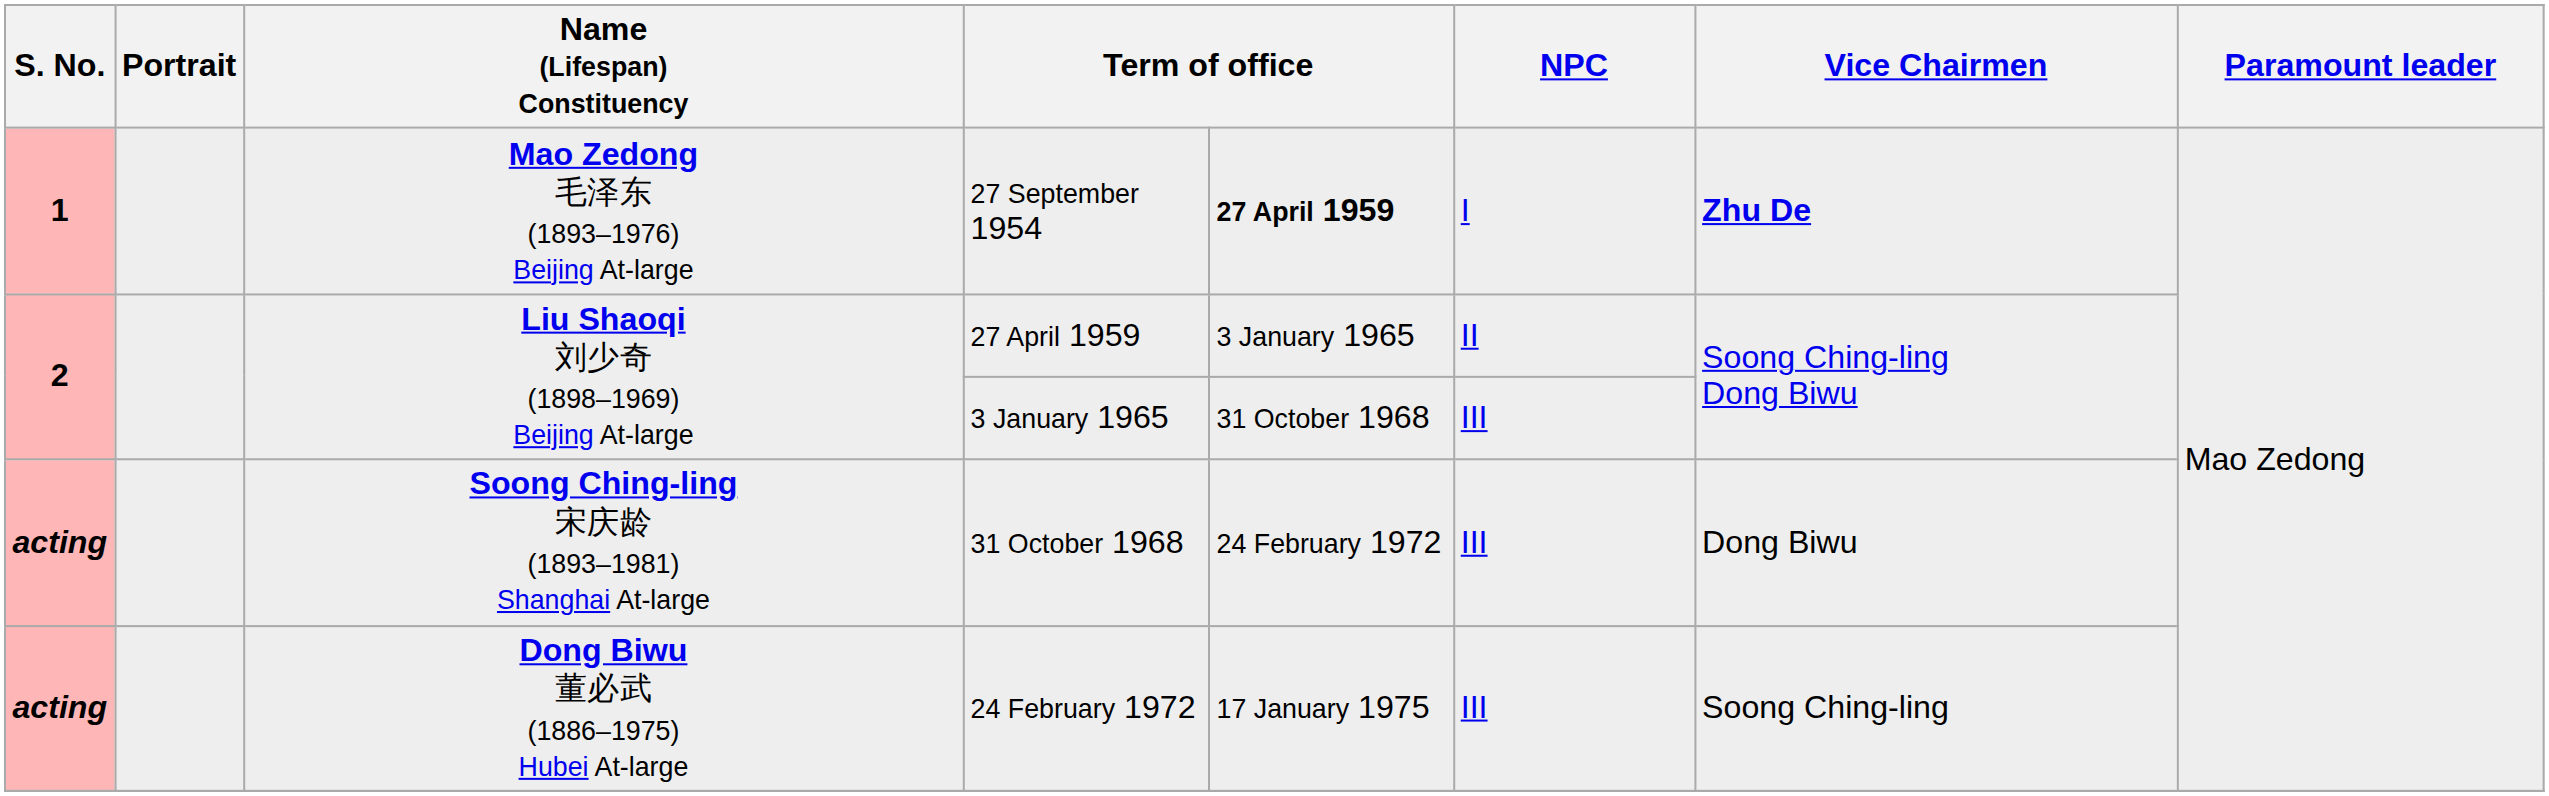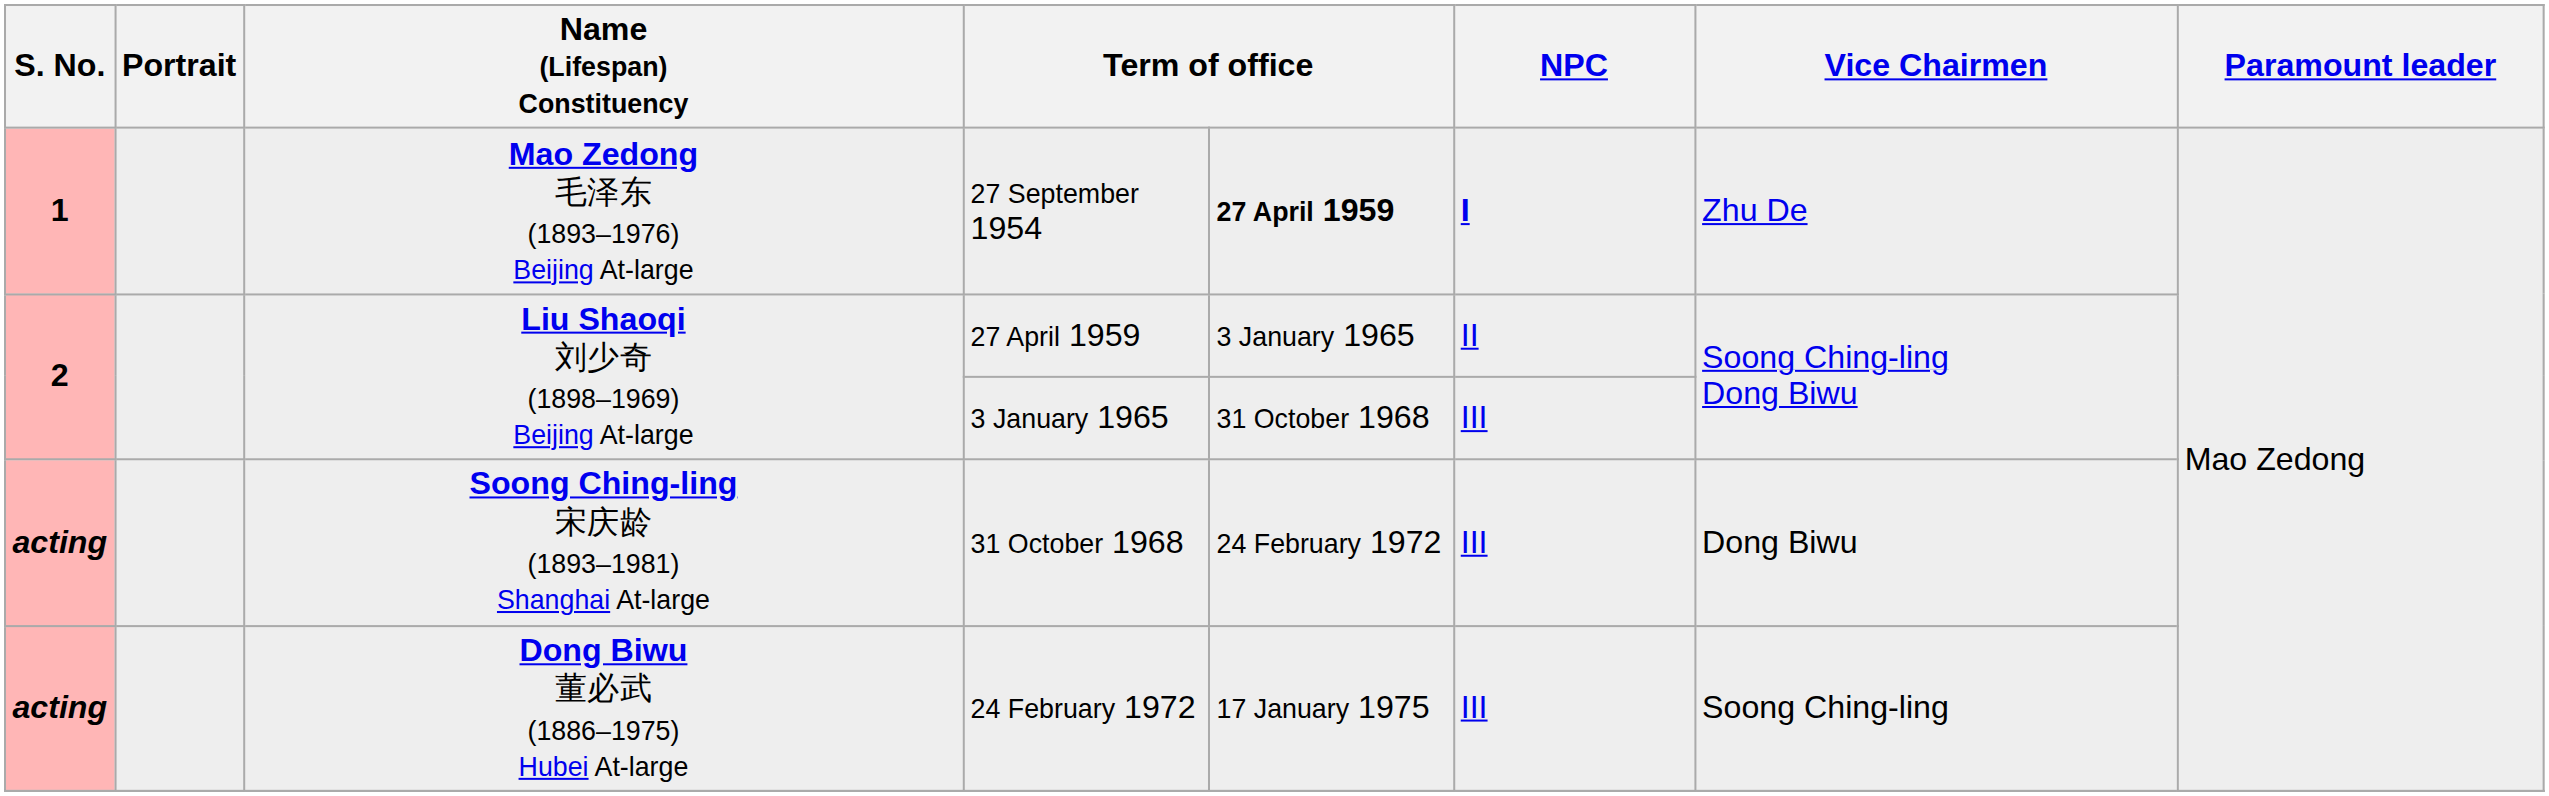 <table class="wikitable" width=100%>
 <tr>
 <th>S. No.</th>
 <th width="5%">Portrait</th>
 <th width="30%">Name<br><small>(Lifespan)<br>Constituency</small></th>
 <th colspan="2" width="30%">Term of office</th>
 <th width="10%"><a href='#'>NPC</a></th>
 <th width="20%"><a href='#'>Vice Chairmen</a></th>
 <th width="20%"><a href='#'>Paramount leader</a></th>
 </tr>
 <tr bgcolor="#EEEEEE">
 <th style="background-color: #FFB6B6" width="20">1</th>
 <td></td>
 <td align="center"><strong><a href='#'>Mao Zedong</a></strong><br><span>毛泽东</span><small><br>(1893–1976)<br><a href='#'>Beijing</a> At-large</small></td>
 <td width="10%"><small> 27 September</small> 1954</td>
 <td width="10%"><strong><small>27 April</small> 1959</strong></td>
-<td><a href='#'>I</a></td>
-<td><strong><a href='#'>Zhu De</a></strong></td>
+<td><strong><a href='#'>I</a></strong></td>
+<td><a href='#'>Zhu De</a></td>
 <td rowspan="5">Mao Zedong</td>
 </tr>
 <tr bgcolor="#EEEEEE">
 <th rowspan="2" style="background-color: #FFB6B6">2</th>
 <td rowspan="2"></td>
 <td rowspan="2" align="center"><strong><a href='#'>Liu Shaoqi</a></strong><br><span>刘少奇</span><small><br>(1898–1969)<br><a href='#'>Beijing</a> At-large</small></td>
 <td width="10%"><small>27 April</small> 1959</td>
 <td width="10%"><small>3 January</small> 1965</td>
 <td><a href='#'>II</a></td>
 <td rowspan="2"><a href='#'>Soong Ching-ling</a><br><a href='#'>Dong Biwu</a></td>
 </tr>
 <tr bgcolor="#EEEEEE">
 <td width="10%"><small>3 January</small> 1965</td>
 <td width="10%"><small>31 October</small> 1968</td>
 <td><a href='#'>III</a></td>
 </tr>
 <tr bgcolor="#EEEEEE">
 <th style="background-color: #FFB6B6"><em>acting</em></th>
 <td></td>
 <td align="center"><strong><a href='#'>Soong Ching-ling</a></strong><br><span>宋庆龄</span><small><br>(1893–1981)<br><a href='#'>Shanghai</a> At-large</small></td>
 <td width=10%><small>31 October</small> 1968</td>
 <td width=10%><small>24 February</small> 1972</td>
 <td><a href='#'>III</a></td>
 <td>Dong Biwu</td>
 </tr>
 <tr bgcolor="#EEEEEE">
 <th style="background-color: #FFB6B6"><em>acting</em></th>
 <td></td>
 <td align="center" width="15%"><strong><a href='#'>Dong Biwu</a></strong><br><span>董必武</span><small><br>(1886–1975)<br><a href='#'>Hubei</a> At-large</small></td>
 <td><small>24 February</small> 1972</td>
 <td><small>17 January</small> 1975</td>
 <td><a href='#'>III</a></td>
 <td>Soong Ching-ling</td>
 </tr>
 <tr>
 </tr>
 </table>
